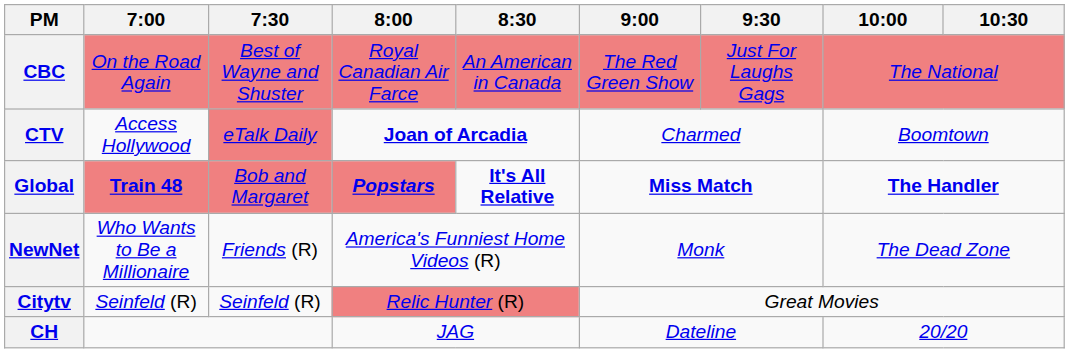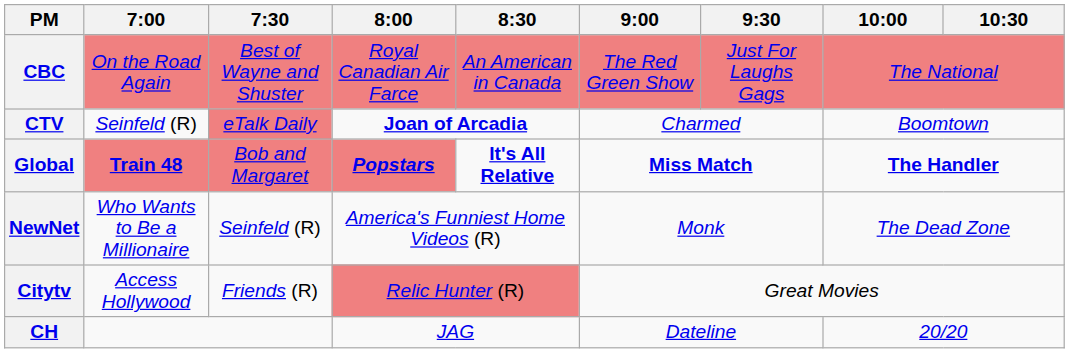 <table class="wikitable" width="100%">
 <tr>
 <th width="4%">PM</th>
 <th width="12%">7:00</th>
 <th width="12%">7:30</th>
 <th width="12%">8:00</th>
 <th width="12%">8:30</th>
 <th width="12%">9:00</th>
 <th width="12%">9:30</th>
 <th width="12%">10:00</th>
 <th width="12%">10:30</th>
 </tr>
 <tr align="center">
 <th><a href='#'>CBC</a></th>
 <td colspan="1" align=center bgcolor="#F08080"><em><a href='#'>On the Road Again</a></em></td>
 <td colspan="1" align=center bgcolor="#F08080"><em><a href='#'>Best of Wayne and Shuster</a></em></td>
 <td colspan="1" align=center bgcolor="#F08080"><em><a href='#'>Royal Canadian Air Farce</a></em></td>
 <td colspan="1" align=center bgcolor="#F08080"><em><a href='#'>An American in Canada</a></em></td>
 <td colspan="1" align=center bgcolor="#F08080"><em><a href='#'>The Red Green Show</a></em></td>
 <td colspan="1" align=center bgcolor="#F08080"><em><a href='#'>Just For Laughs Gags</a></em></td>
 <td colspan="2" align=center bgcolor="#F08080"><em><a href='#'>The National</a></em></td>
 </tr>
 <tr align="center">
 <th><a href='#'>CTV</a></th>
-<td colspan="1" align=center><em><a href='#'>Access Hollywood</a></em></td>
+<td colspan="1" align=center><em><a href='#'>Seinfeld</a></em> (R)</td>
 <td colspan="1" align=center bgcolor="#F08080"><em><a href='#'>eTalk Daily</a></em></td>
 <td colspan="2" align=center><strong><a href='#'>Joan of Arcadia</a></strong></td>
 <td colspan="2" align=center><em><a href='#'>Charmed</a></em></td>
 <td colspan="2" align=center><em><a href='#'>Boomtown</a></em></td>
 </tr>
 <tr align="center">
 <th><a href='#'>Global</a></th>
 <td colspan="1" align=center bgcolor="#F08080"><strong><a href='#'>Train 48</a></strong></td>
 <td colspan="1" align=center bgcolor="#F08080"><em><a href='#'>Bob and Margaret</a></em></td>
 <td colspan="1" align=center bgcolor="#F08080"><strong><em><a href='#'>Popstars</a></em></strong></td>
 <td colspan="1" align=center><strong><a href='#'>It's All Relative</a></strong></td>
 <td colspan="2" align=center><strong><a href='#'>Miss Match</a></strong></td>
 <td colspan="2" align=center><strong><a href='#'>The Handler</a></strong></td>
 </tr>
 <tr align="center">
 <th><a href='#'>NewNet</a></th>
 <td colspan="1" align=center><em><a href='#'>Who Wants to Be a Millionaire</a></em></td>
-<td colspan="1" align=center><em><a href='#'>Friends</a></em> (R)</td>
+<td colspan="1" align=center><em><a href='#'>Seinfeld</a></em> (R)</td>
 <td colspan="2" align=center><em><a href='#'>America's Funniest Home Videos</a></em> (R)</td>
 <td colspan="2" align=center><em><a href='#'>Monk</a></em></td>
 <td colspan="2" align=center><em><a href='#'>The Dead Zone</a></em></td>
 </tr>
 <tr align="center">
 <th><a href='#'>Citytv</a></th>
-<td colspan="1" align=center><em><a href='#'>Seinfeld</a></em> (R)</td>
-<td colspan="1" align=center><em><a href='#'>Seinfeld</a></em> (R)</td>
+<td colspan="1" align=center><em><a href='#'>Access Hollywood</a></em></td>
+<td colspan="1" align=center><em><a href='#'>Friends</a></em> (R)</td>
 <td colspan="2" align=center bgcolor="#F08080"><em><a href='#'>Relic Hunter</a></em> (R)</td>
 <td colspan="4" align=center><em>Great Movies</em></td>
 </tr>
 <tr align="center">
 <th><a href='#'>CH</a></th>
 <td colspan="2" align=center></td>
 <td colspan="2" align=center><em><a href='#'>JAG</a></em></td>
 <td colspan="2" align=center><em><a href='#'>Dateline</a></em></td>
 <td colspan="2" align=center><em><a href='#'>20/20</a></em></td>
 </tr>
 </table>
